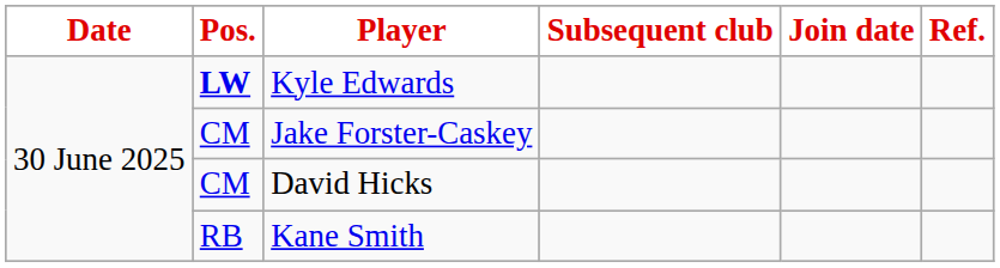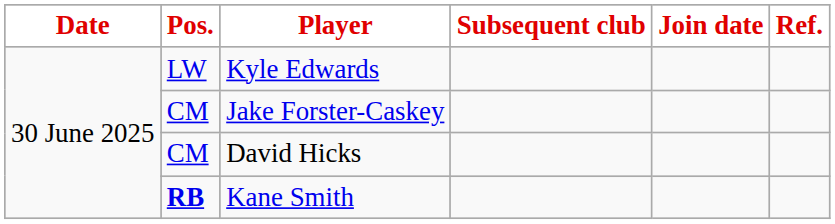 <table class="wikitable plainrowheaders sortable">
 <tr>
 <th style="background:white; color:#E00000; ">Date</th>
 <th style="background:white; color:#E00000; ">Pos.</th>
 <th style="background:white; color:#E00000; ">Player</th>
 <th style="background:white; color:#E00000; ">Subsequent club</th>
 <th style="background:white; color:#E00000; ">Join date</th>
 <th style="background:white; color:#E00000; ">Ref.</th>
 </tr>
 <tr>
 <td rowspan="4">30 June 2025</td>
-<td><strong><a href='#'>LW</a></strong></td>
+<td><a href='#'>LW</a></td>
 <td> <a href='#'>Kyle Edwards</a></td>
 <td></td>
 <td></td>
 <td></td>
 </tr>
 <tr>
 <td><a href='#'>CM</a></td>
 <td> <a href='#'>Jake Forster-Caskey</a></td>
 <td></td>
 <td></td>
 <td></td>
 </tr>
 <tr>
 <td><a href='#'>CM</a></td>
 <td> David Hicks</td>
 <td></td>
 <td></td>
 <td></td>
 </tr>
 <tr>
-<td><a href='#'>RB</a></td>
+<td><strong><a href='#'>RB</a></strong></td>
 <td> <a href='#'>Kane Smith</a></td>
 <td></td>
 <td></td>
 <td></td>
 </tr>
 </table>
